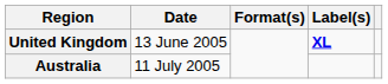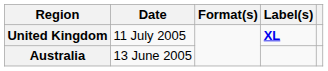 <table class="wikitable plainrowheaders" style="text-align:left">
 <tr>
 <th scope="col">Region</th>
 <th scope="col">Date</th>
 <th scope="col">Format(s)</th>
 <th scope="col">Label(s)</th>
 <th scope="col"></th>
 </tr>
 <tr>
 <th scope="row">United Kingdom</th>
-<td>13 June 2005</td>
+<td>11 July 2005</td>
 <td rowspan="2"></td>
 <td><strong><a href='#'>XL</a></strong></td>
 <td></td>
 </tr>
 <tr>
 <th scope="row">Australia</th>
-<td>11 July 2005</td>
+<td>13 June 2005</td>
 <td></td>
 <td></td>
 </tr>
 </table>
